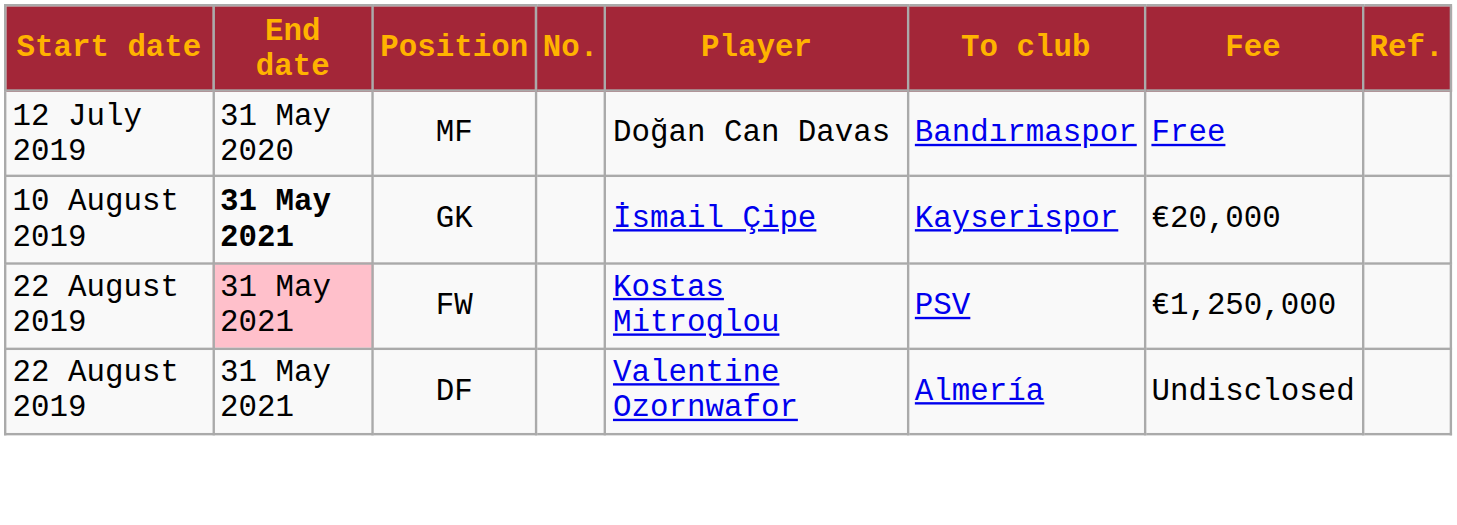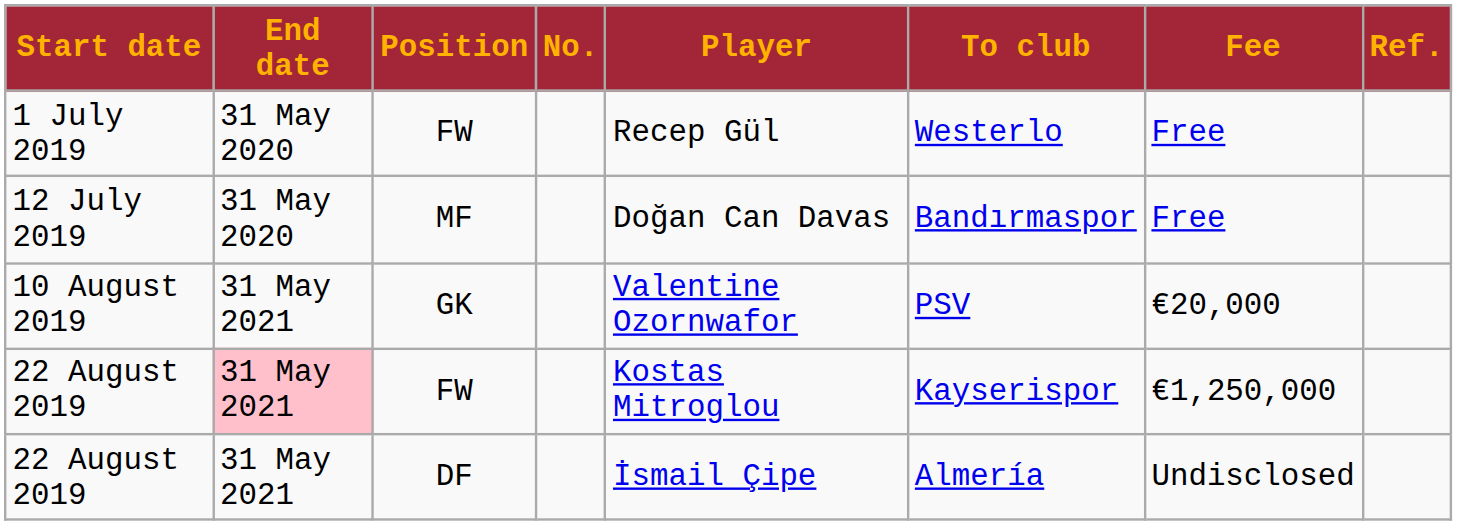 <table class="wikitable sortable">
 <tr>
 <th style="background:#a32638; color:#ffb300; ">Start date</th>
 <th style="background:#a32638; color:#ffb300; ">End date</th>
 <th style="background:#a32638; color:#ffb300; ">Position</th>
 <th style="background:#a32638; color:#ffb300; ">No.</th>
 <th style="background:#a32638; color:#ffb300; ">Player</th>
 <th style="background:#a32638; color:#ffb300; ">To club</th>
 <th style="background:#a32638; color:#ffb300; ">Fee</th>
 <th style="background:#a32638; color:#ffb300; ">Ref.</th>
+</tr>
+<tr>
+<td>1 July 2019</td>
+<td>31 May 2020</td>
+<td style="text-align:center;">FW</td>
+<td style="text-align:center;"></td>
+<td style="text-align:left;"> Recep Gül</td>
+<td style="text-align:left;"> <a href='#'>Westerlo</a></td>
+<td><a href='#'>Free</a> </td>
+<td></td>
 </tr>
 <tr>
 <td>12 July 2019</td>
 <td>31 May 2020</td>
 <td style="text-align:center;">MF</td>
 <td style="text-align:center;"></td>
 <td style="text-align:left;"> Doğan Can Davas</td>
 <td style="text-align:left;"> <a href='#'>Bandırmaspor</a></td>
 <td><a href='#'>Free</a></td>
 <td></td>
 </tr>
 <tr>
 <td>10 August 2019</td>
-<td><strong>31 May 2021</strong></td>
+<td>31 May 2021</td>
 <td style="text-align:center;">GK</td>
 <td style="text-align:center;"></td>
-<td style="text-align:left;"> <a href='#'>İsmail Çipe</a></td>
-<td style="text-align:left;"> <a href='#'>Kayserispor</a></td>
+<td style="text-align:left;"> <a href='#'>Valentine Ozornwafor</a></td>
+<td style="text-align:left;"> <a href='#'>PSV</a></td>
 <td>€20,000</td>
 <td></td>
 </tr>
 <tr>
 <td>22 August 2019</td>
 <td style="background: pink;">31 May 2021</td>
 <td style="text-align:center;">FW</td>
 <td style="text-align:center;"></td>
 <td style="text-align:left;"> <a href='#'>Kostas Mitroglou</a></td>
-<td style="text-align:left;"> <a href='#'>PSV</a></td>
+<td style="text-align:left;"> <a href='#'>Kayserispor</a></td>
 <td>€1,250,000</td>
 <td></td>
 </tr>
 <tr>
 <td>22 August 2019</td>
 <td>31 May 2021</td>
 <td style="text-align:center;">DF</td>
 <td style="text-align:center;"></td>
-<td style="text-align:left;"> <a href='#'>Valentine Ozornwafor</a></td>
+<td style="text-align:left;"> <a href='#'>İsmail Çipe</a></td>
 <td style="text-align:left;"> <a href='#'>Almería</a></td>
 <td>Undisclosed</td>
 <td></td>
 </tr>
 </table>
